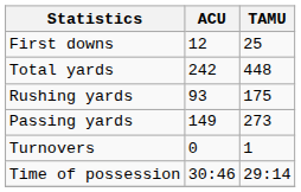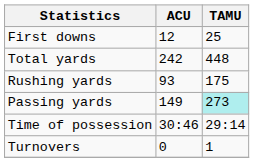 <table class="wikitable" style="float: left;">
 <tr>
 <th>Statistics</th>
 <th>ACU</th>
 <th>TAMU</th>
 </tr>
 <tr>
 <td>First downs</td>
 <td>12</td>
 <td>25</td>
 </tr>
 <tr>
 <td>Total yards</td>
 <td>242</td>
 <td>448</td>
 </tr>
 <tr>
 <td>Rushing yards</td>
 <td>93</td>
 <td>175</td>
 </tr>
 <tr>
 <td>Passing yards</td>
 <td>149</td>
-<td>273</td>
+<td style="background: paleturquoise;">273</td>
+</tr>
+<tr>
+<td>Time of possession</td>
+<td>30:46</td>
+<td>29:14</td>
 </tr>
 <tr>
 <td>Turnovers</td>
 <td>0</td>
 <td>1</td>
 </tr>
 <tr>
-<td>Time of possession</td>
-<td>30:46</td>
-<td>29:14</td>
-</tr>
-<tr>
 </tr>
 </table>
